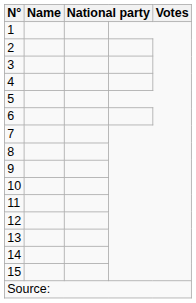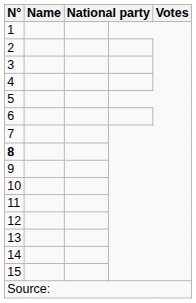 <table class="wikitable sortable" style="font-size:95%;line-height:14px;">
 <tr>
 <th>N°</th>
 <th>Name</th>
 <th colspan="2">National party</th>
 <th>Votes</th>
 </tr>
 <tr>
 <td>1</td>
 <td></td>
 <td></td>
 </tr>
 <tr>
 <td>2</td>
 <td><em></em></td>
 <td></td>
 <td></td>
 </tr>
 <tr>
 <td>3</td>
 <td></td>
 <td></td>
 <td></td>
 </tr>
 <tr>
 <td>4</td>
 <td><em></em></td>
 <td></td>
 <td></td>
 </tr>
 <tr>
 <td>5</td>
 <td></td>
 <td></td>
 </tr>
 <tr>
 <td>6</td>
 <td></td>
 <td></td>
 <td></td>
 </tr>
 <tr>
 <td>7</td>
 <td></td>
 <td></td>
 </tr>
 <tr>
-<td>8</td>
+<td><strong>8</strong></td>
 <td></td>
 <td></td>
 </tr>
 <tr>
 <td>9</td>
 <td></td>
 <td></td>
 </tr>
 <tr>
 <td>10</td>
 <td></td>
 <td></td>
 </tr>
 <tr>
 <td>11</td>
 <td></td>
 <td></td>
 </tr>
 <tr>
 <td>12</td>
 <td></td>
 <td></td>
 </tr>
 <tr>
 <td>13</td>
 <td></td>
 <td></td>
 </tr>
 <tr>
 <td>14</td>
 <td></td>
 <td></td>
 </tr>
 <tr>
 <td>15</td>
 <td></td>
 <td></td>
 </tr>
 <tr>
 <td colspan="5">Source: </td>
 </tr>
 </table>
